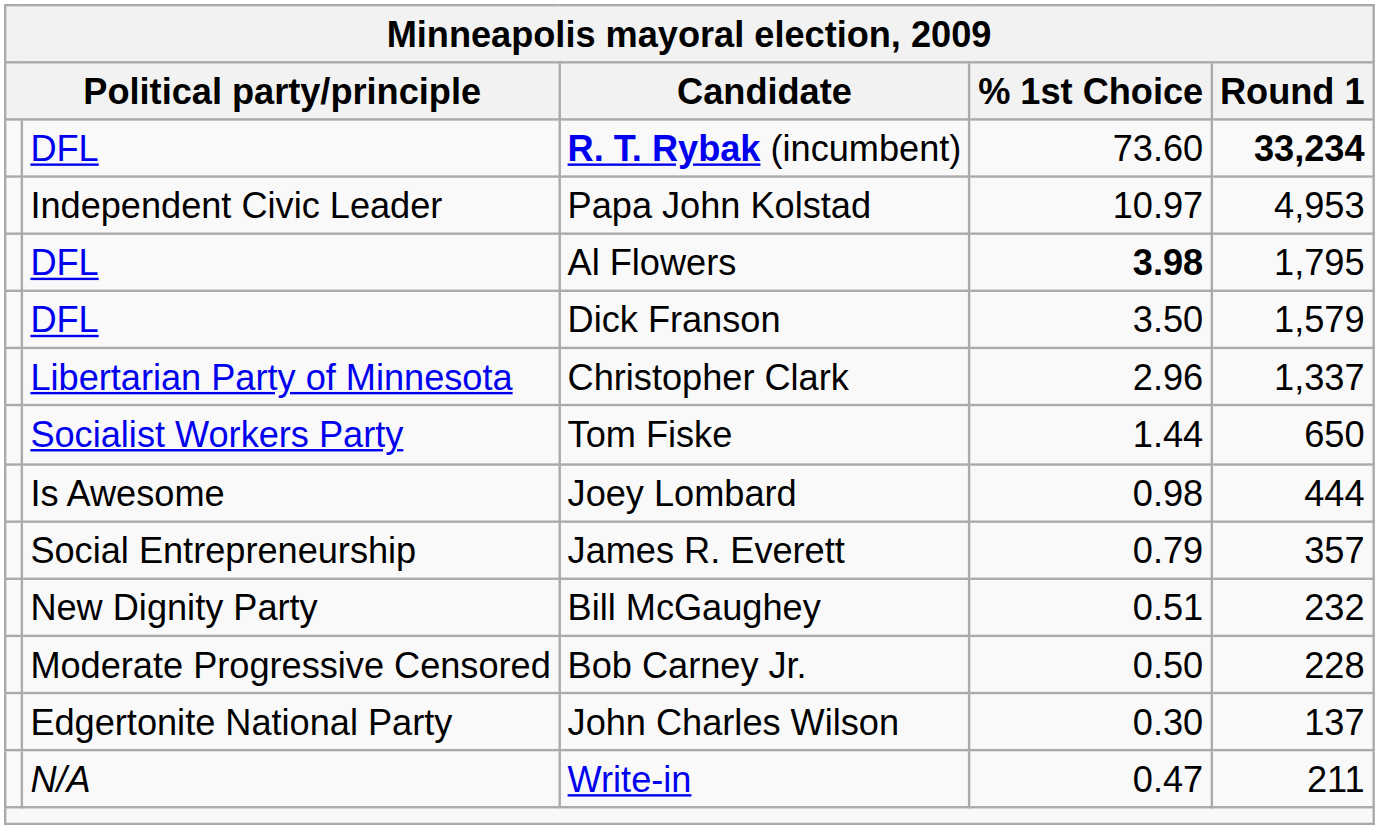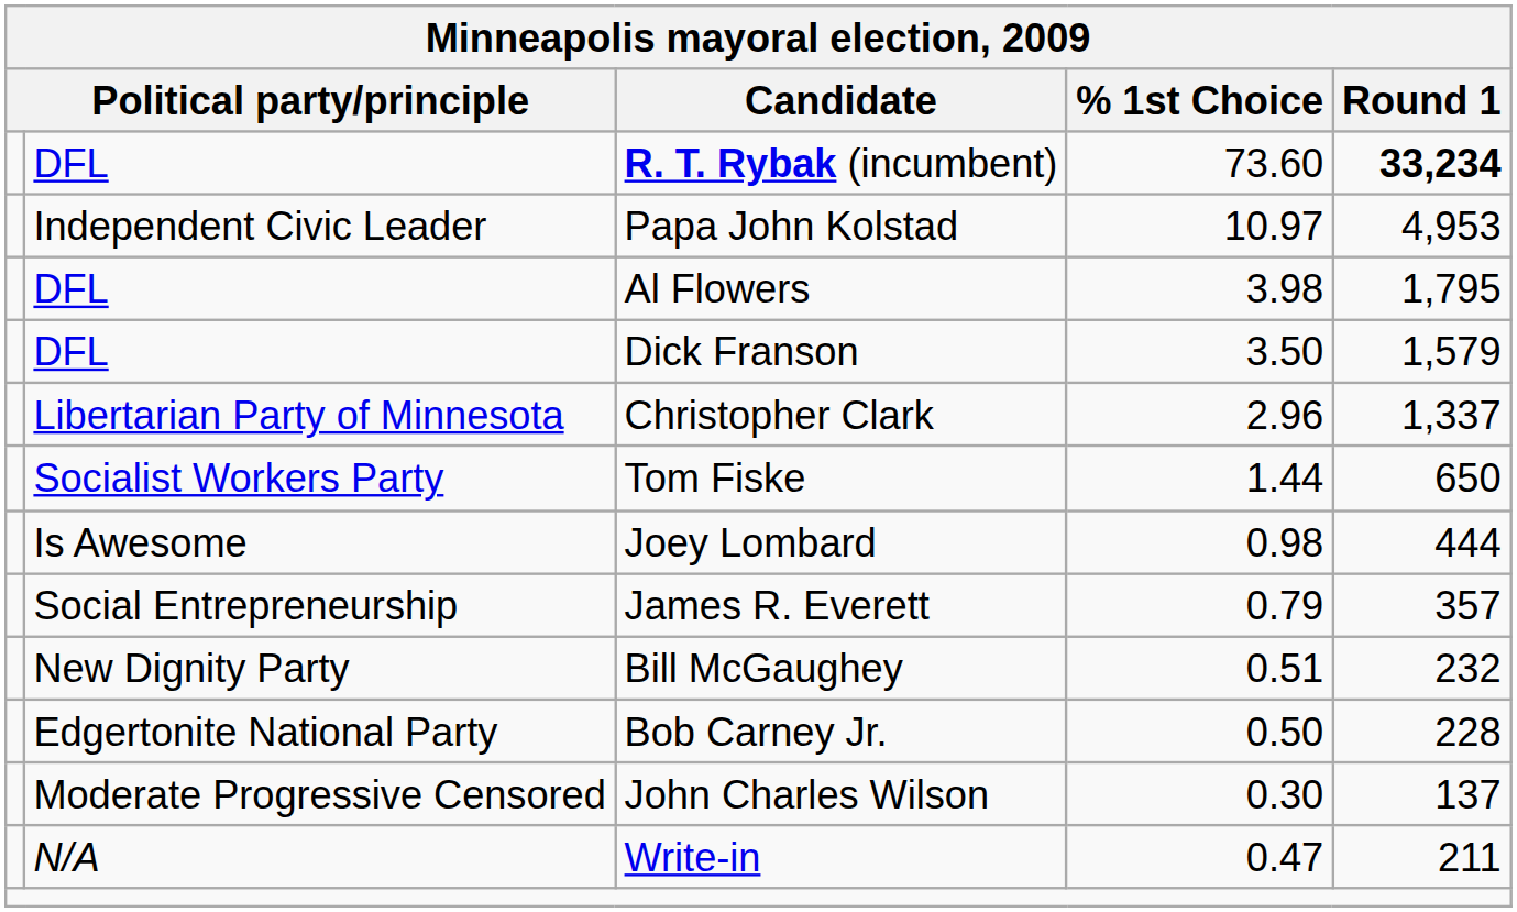 <table class="wikitable" style="font-size:95%">
 <tr>
 <th colspan="5">Minneapolis mayoral election, 2009</th>
 </tr>
 <tr>
 <th colspan="2">Political party/principle</th>
 <th>Candidate</th>
 <th>% 1st Choice</th>
 <th>Round 1</th>
 </tr>
 <tr>
 <td style="background-color:"></td>
 <td><a href='#'>DFL</a></td>
 <td><strong><a href='#'>R. T. Rybak</a></strong> (incumbent)</td>
 <td align="right">73.60</td>
 <td align="right"><strong>33,234</strong></td>
 </tr>
 <tr>
 <td style="background-color:"></td>
 <td>Independent Civic Leader</td>
 <td>Papa John Kolstad</td>
 <td align="right">10.97</td>
 <td align="right">4,953</td>
 </tr>
 <tr>
 <td style="background-color:"></td>
 <td><a href='#'>DFL</a></td>
 <td>Al Flowers</td>
-<td align="right"><strong>3.98</strong></td>
+<td align="right">3.98</td>
 <td align="right">1,795</td>
 </tr>
 <tr>
 <td style="background-color:"></td>
 <td><a href='#'>DFL</a></td>
 <td>Dick Franson</td>
 <td align="right">3.50</td>
 <td align="right">1,579</td>
 </tr>
 <tr>
 <td style="background-color:"></td>
 <td><a href='#'>Libertarian Party of Minnesota</a></td>
 <td>Christopher Clark</td>
 <td align="right">2.96</td>
 <td align="right">1,337</td>
 </tr>
 <tr>
 <td style="background-color:"></td>
 <td><a href='#'>Socialist Workers Party</a></td>
 <td>Tom Fiske</td>
 <td align="right">1.44</td>
 <td align="right">650</td>
 </tr>
 <tr>
 <td style="background-color:"></td>
 <td>Is Awesome</td>
 <td>Joey Lombard</td>
 <td align="right">0.98</td>
 <td align="right">444</td>
 </tr>
 <tr>
 <td style="background-color:"></td>
 <td>Social Entrepreneurship</td>
 <td>James R. Everett</td>
 <td align="right">0.79</td>
 <td align="right">357</td>
 </tr>
 <tr>
 <td></td>
 <td>New Dignity Party</td>
 <td>Bill McGaughey</td>
 <td align="right">0.51</td>
 <td align="right">232</td>
 </tr>
 <tr>
 <td style="background-color:"></td>
-<td>Moderate Progressive Censored</td>
+<td>Edgertonite National Party</td>
 <td>Bob Carney Jr.</td>
 <td align="right">0.50</td>
 <td align="right">228</td>
 </tr>
 <tr>
 <td></td>
-<td>Edgertonite National Party</td>
+<td>Moderate Progressive Censored</td>
 <td>John Charles Wilson</td>
 <td align="right">0.30</td>
 <td align="right">137</td>
 </tr>
 <tr>
 <td style="background-color:"></td>
 <td><em>N/A</em></td>
 <td><a href='#'>Write-in</a></td>
 <td align="right">0.47</td>
 <td align="right">211</td>
 </tr>
 <tr>
 <td colspan="5"></td>
 </tr>
 </table>
